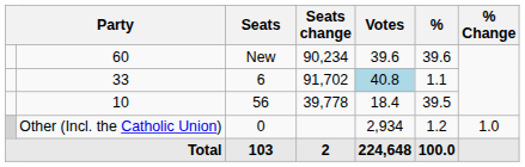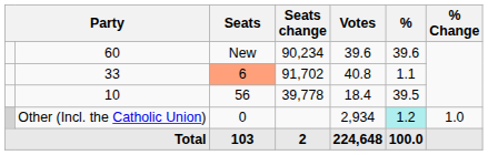 <table class="wikitable sortable">
 <tr>
 <th style="width:200px" colspan=2>Party</th>
 <th style="width:70px;">Seats</th>
 <th style="width:40px;">Seats change</th>
 <th style="width:40px;">Votes</th>
 <th style="width:40px;">%</th>
 <th style="width:40px;">% Change</th>
 </tr>
 <tr>
 <td></td>
 <td align=center>60</td>
 <td align=center>New</td>
 <td align=center>90,234</td>
 <td align=center>39.6</td>
 <td align=center>39.6</td>
 </tr>
 <tr>
 <td></td>
 <td align="center">33</td>
-<td align="center">6</td>
+<td align="center" style="background: lightsalmon;">6</td>
 <td align="center">91,702</td>
-<td align="center" style="background: lightblue;">40.8</td>
+<td align="center">40.8</td>
 <td align="center">1.1</td>
 </tr>
 <tr>
 <td></td>
 <td align=center>10</td>
 <td align=center>56</td>
 <td align=center>39,778</td>
 <td align=center>18.4</td>
 <td align=center>39.5</td>
 </tr>
 <tr>
 <td style="background-color:#D3D3D3"> </td>
 <td>Other (Incl. the <a href='#'>Catholic Union</a>)</td>
 <td align="center">0</td>
 <td></td>
 <td align="center">2,934</td>
-<td align="center">1.2</td>
+<td align="center" style="background: paleturquoise;">1.2</td>
 <td align="center">1.0</td>
 </tr>
 <tr class="sortbottom" style="font-weight:bold; background:rgb(232,232,232);">
 <td colspan=2 style=text-align:right>Total</td>
 <td align=center>103</td>
 <td align=center>2</td>
 <td align=center>224,648</td>
 <td align=center>100.0</td>
 <td align=center></td>
 </tr>
 </table>
